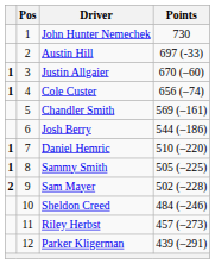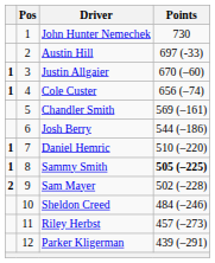 <table class="wikitable" style="font-size: 95%;">
 <tr>
 <th></th>
 <th>Pos</th>
 <th>Driver</th>
 <th>Points</th>
 </tr>
 <tr>
 <td align="left"></td>
 <td style="text-align:center;">1</td>
 <td><a href='#'>John Hunter Nemechek</a></td>
 <td style="text-align:center;">730</td>
 </tr>
 <tr>
 <td align="left"></td>
 <td style="text-align:center;">2</td>
 <td><a href='#'>Austin Hill</a></td>
 <td style="text-align:center;">697 (-33)</td>
 </tr>
 <tr>
 <td align="left"> <strong>1</strong></td>
 <td style="text-align:center;">3</td>
 <td><a href='#'>Justin Allgaier</a></td>
 <td style="text-align:center;">670 (–60)</td>
 </tr>
 <tr>
 <td align="left"> <strong>1</strong></td>
 <td style="text-align:center;">4</td>
 <td><a href='#'>Cole Custer</a></td>
 <td style="text-align:center;">656 (–74)</td>
 </tr>
 <tr>
 <td align="left"></td>
 <td style="text-align:center;">5</td>
 <td><a href='#'>Chandler Smith</a></td>
 <td style="text-align:center;">569 (–161)</td>
 </tr>
 <tr>
 <td align="left"></td>
 <td style="text-align:center;">6</td>
 <td><a href='#'>Josh Berry</a></td>
 <td style="text-align:center;">544 (–186)</td>
 </tr>
 <tr>
 <td align="left"> <strong>1</strong></td>
 <td style="text-align:center;">7</td>
 <td><a href='#'>Daniel Hemric</a></td>
 <td style="text-align:center;">510 (–220)</td>
 </tr>
 <tr>
 <td align="left"> <strong>1</strong></td>
 <td style="text-align:center;">8</td>
 <td><a href='#'>Sammy Smith</a></td>
-<td style="text-align:center;">505 (–225)</td>
+<td style="text-align:center;"><strong>505 (–225)</strong></td>
 </tr>
 <tr>
 <td align="left"> <strong>2</strong></td>
 <td style="text-align:center;">9</td>
 <td><a href='#'>Sam Mayer</a></td>
 <td style="text-align:center;">502 (–228)</td>
 </tr>
 <tr>
 <td align="left"></td>
 <td style="text-align:center;">10</td>
 <td><a href='#'>Sheldon Creed</a></td>
 <td style="text-align:center;">484 (–246)</td>
 </tr>
 <tr>
 <td align="left"></td>
 <td style="text-align:center;">11</td>
 <td><a href='#'>Riley Herbst</a></td>
 <td style="text-align:center;">457 (–273)</td>
 </tr>
 <tr>
 <td align="left"></td>
 <td style="text-align:center;">12</td>
 <td><a href='#'>Parker Kligerman</a></td>
 <td style="text-align:center;">439 (–291)</td>
 </tr>
 <tr class="sortbottom">
 <th colspan="9"></th>
 </tr>
 </table>
